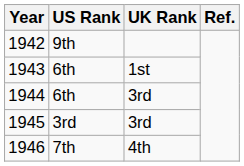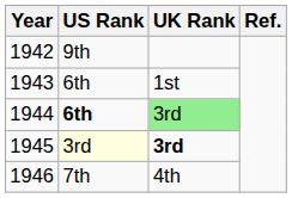 <table class="wikitable">
 <tr>
 <th>Year</th>
 <th>US Rank</th>
 <th>UK Rank</th>
 <th>Ref.</th>
 </tr>
 <tr>
 <td>1942</td>
 <td>9th</td>
 <td></td>
 <td rowspan="5"></td>
 </tr>
 <tr>
 <td>1943</td>
 <td>6th</td>
 <td>1st</td>
 </tr>
 <tr>
 <td>1944</td>
-<td>6th</td>
-<td>3rd</td>
+<td><strong>6th</strong></td>
+<td style="background: lightgreen;">3rd</td>
 </tr>
 <tr>
 <td>1945</td>
-<td>3rd</td>
-<td>3rd</td>
+<td style="background: lightyellow;">3rd</td>
+<td><strong>3rd</strong></td>
 </tr>
 <tr>
 <td>1946</td>
 <td>7th</td>
 <td>4th</td>
 </tr>
 </table>
